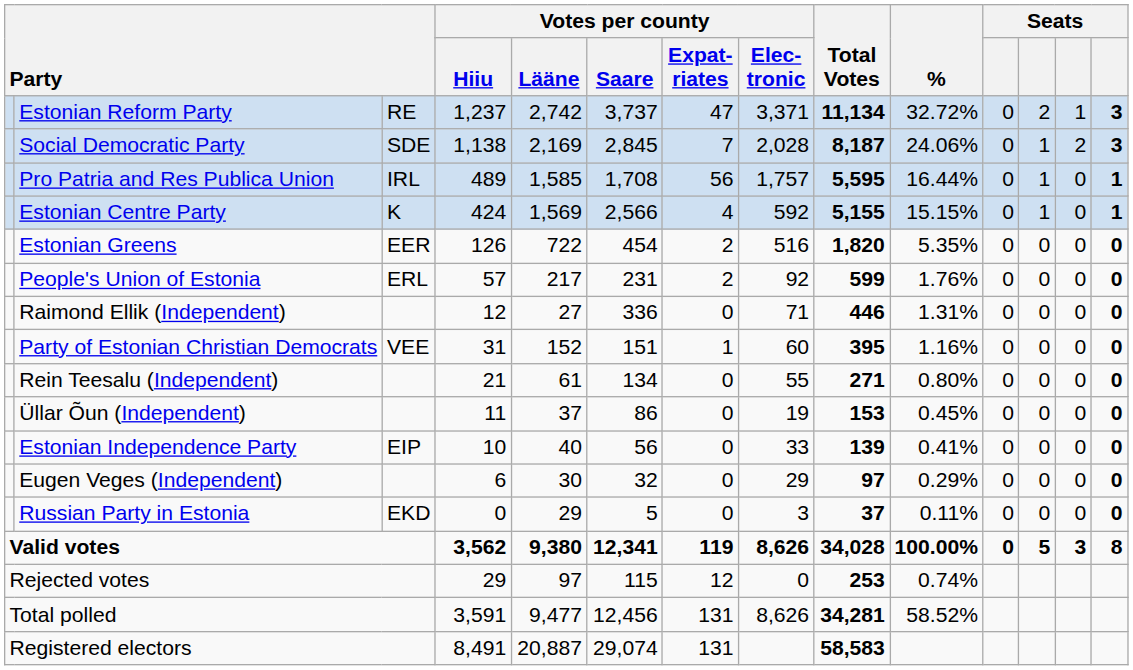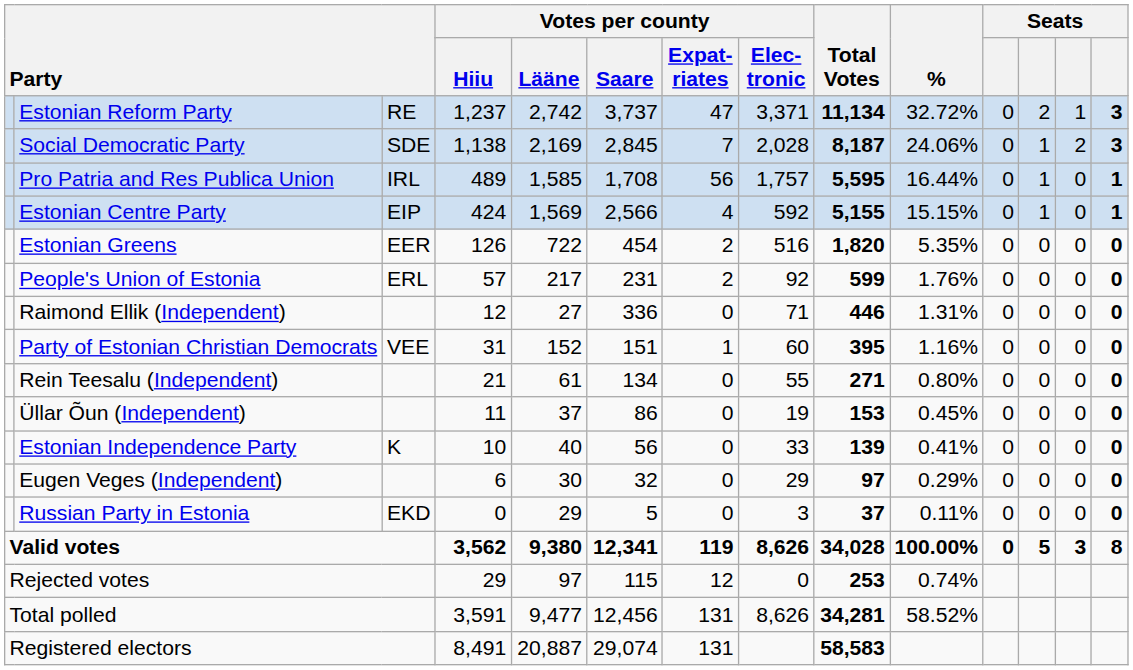 <table class="wikitable" border="1" style="text-align:right;">
 <tr>
 <th style="text-align:left;" valign=bottom rowspan=2 colspan=3>Party</th>
 <th colspan=5>Votes per county</th>
 <th align=center valign=bottom rowspan=2 width="50">Total Votes</th>
 <th align=center valign=bottom rowspan=2 width="50">%</th>
 <th colspan=4>Seats</th>
 </tr>
 <tr>
 <th align=center valign=bottom width="50"><a href='#'>Hiiu</a></th>
 <th align=center valign=bottom width="50"><a href='#'>Lääne</a></th>
 <th align=center valign=bottom width="50"><a href='#'>Saare</a></th>
 <th align=center valign=bottom width="50"><a href='#'>Expat- riates</a></th>
 <th align=center valign=bottom width="50"><a href='#'>Elec- tronic</a></th>
 <th align=center valign=bottom width="20"><small></small></th>
 <th align=center valign=bottom width="20"><small></small></th>
 <th align=center valign=bottom width="20"><small></small></th>
 <th align=center valign=bottom width="20"><small></small></th>
 </tr>
 <tr style="background:#CEE0F2;">
 <td style="background:"></td>
 <td align=left><a href='#'>Estonian Reform Party</a></td>
 <td align=left>RE</td>
 <td>1,237</td>
 <td>2,742</td>
 <td>3,737</td>
 <td>47</td>
 <td>3,371</td>
 <td><strong>11,134</strong></td>
 <td>32.72%</td>
 <td>0</td>
 <td>2</td>
 <td>1</td>
 <td><strong>3</strong></td>
 </tr>
 <tr style="background:#CEE0F2;">
 <td style="background:"></td>
 <td align=left><a href='#'>Social Democratic Party</a></td>
 <td align=left>SDE</td>
 <td>1,138</td>
 <td>2,169</td>
 <td>2,845</td>
 <td>7</td>
 <td>2,028</td>
 <td><strong>8,187</strong></td>
 <td>24.06%</td>
 <td>0</td>
 <td>1</td>
 <td>2</td>
 <td><strong>3</strong></td>
 </tr>
 <tr style="background:#CEE0F2;">
 <td style="background:"></td>
 <td align=left><a href='#'>Pro Patria and Res Publica Union</a></td>
 <td align=left>IRL</td>
 <td>489</td>
 <td>1,585</td>
 <td>1,708</td>
 <td>56</td>
 <td>1,757</td>
 <td><strong>5,595</strong></td>
 <td>16.44%</td>
 <td>0</td>
 <td>1</td>
 <td>0</td>
 <td><strong>1</strong></td>
 </tr>
 <tr style="background:#CEE0F2;">
 <td style="background:"></td>
 <td align=left><a href='#'>Estonian Centre Party</a></td>
-<td align=left>K</td>
+<td align=left>EIP</td>
 <td>424</td>
 <td>1,569</td>
 <td>2,566</td>
 <td>4</td>
 <td>592</td>
 <td><strong>5,155</strong></td>
 <td>15.15%</td>
 <td>0</td>
 <td>1</td>
 <td>0</td>
 <td><strong>1</strong></td>
 </tr>
 <tr>
 <td style="background:"></td>
 <td align=left><a href='#'>Estonian Greens</a></td>
 <td align=left>EER</td>
 <td>126</td>
 <td>722</td>
 <td>454</td>
 <td>2</td>
 <td>516</td>
 <td><strong>1,820</strong></td>
 <td>5.35%</td>
 <td>0</td>
 <td>0</td>
 <td>0</td>
 <td><strong>0</strong></td>
 </tr>
 <tr>
 <td style="background:"></td>
 <td align=left><a href='#'>People's Union of Estonia</a></td>
 <td align=left>ERL</td>
 <td>57</td>
 <td>217</td>
 <td>231</td>
 <td>2</td>
 <td>92</td>
 <td><strong>599</strong></td>
 <td>1.76%</td>
 <td>0</td>
 <td>0</td>
 <td>0</td>
 <td><strong>0</strong></td>
 </tr>
 <tr>
 <td style="background:"></td>
 <td align=left>Raimond Ellik (<a href='#'>Independent</a>)</td>
 <td></td>
 <td>12</td>
 <td>27</td>
 <td>336</td>
 <td>0</td>
 <td>71</td>
 <td><strong>446</strong></td>
 <td>1.31%</td>
 <td>0</td>
 <td>0</td>
 <td>0</td>
 <td><strong>0</strong></td>
 </tr>
 <tr>
 <td style="background:"></td>
 <td align=left><a href='#'>Party of Estonian Christian Democrats</a></td>
 <td align=left>VEE</td>
 <td>31</td>
 <td>152</td>
 <td>151</td>
 <td>1</td>
 <td>60</td>
 <td><strong>395</strong></td>
 <td>1.16%</td>
 <td>0</td>
 <td>0</td>
 <td>0</td>
 <td><strong>0</strong></td>
 </tr>
 <tr>
 <td style="background:"></td>
 <td align=left>Rein Teesalu (<a href='#'>Independent</a>)</td>
 <td></td>
 <td>21</td>
 <td>61</td>
 <td>134</td>
 <td>0</td>
 <td>55</td>
 <td><strong>271</strong></td>
 <td>0.80%</td>
 <td>0</td>
 <td>0</td>
 <td>0</td>
 <td><strong>0</strong></td>
 </tr>
 <tr>
 <td style="background:"></td>
 <td align=left>Üllar Õun (<a href='#'>Independent</a>)</td>
 <td></td>
 <td>11</td>
 <td>37</td>
 <td>86</td>
 <td>0</td>
 <td>19</td>
 <td><strong>153</strong></td>
 <td>0.45%</td>
 <td>0</td>
 <td>0</td>
 <td>0</td>
 <td><strong>0</strong></td>
 </tr>
 <tr>
 <td style="background:"></td>
 <td align=left><a href='#'>Estonian Independence Party</a></td>
-<td align=left>EIP</td>
+<td align=left>K</td>
 <td>10</td>
 <td>40</td>
 <td>56</td>
 <td>0</td>
 <td>33</td>
 <td><strong>139</strong></td>
 <td>0.41%</td>
 <td>0</td>
 <td>0</td>
 <td>0</td>
 <td><strong>0</strong></td>
 </tr>
 <tr>
 <td style="background:"></td>
 <td align=left>Eugen Veges (<a href='#'>Independent</a>)</td>
 <td></td>
 <td>6</td>
 <td>30</td>
 <td>32</td>
 <td>0</td>
 <td>29</td>
 <td><strong>97</strong></td>
 <td>0.29%</td>
 <td>0</td>
 <td>0</td>
 <td>0</td>
 <td><strong>0</strong></td>
 </tr>
 <tr>
 <td></td>
 <td align=left><a href='#'>Russian Party in Estonia</a></td>
 <td align=left>EKD</td>
 <td>0</td>
 <td>29</td>
 <td>5</td>
 <td>0</td>
 <td>3</td>
 <td><strong>37</strong></td>
 <td>0.11%</td>
 <td>0</td>
 <td>0</td>
 <td>0</td>
 <td><strong>0</strong></td>
 </tr>
 <tr style="font-weight:bold">
 <td align=left colspan=3>Valid votes</td>
 <td>3,562</td>
 <td>9,380</td>
 <td>12,341</td>
 <td>119</td>
 <td>8,626</td>
 <td>34,028</td>
 <td>100.00%</td>
 <td>0</td>
 <td>5</td>
 <td>3</td>
 <td>8</td>
 </tr>
 <tr>
 <td align=left colspan=3>Rejected votes</td>
 <td>29</td>
 <td>97</td>
 <td>115</td>
 <td>12</td>
 <td>0</td>
 <td><strong>253</strong></td>
 <td>0.74%</td>
 <td></td>
 <td></td>
 <td></td>
 <td></td>
 </tr>
 <tr>
 <td align=left colspan=3>Total polled</td>
 <td>3,591</td>
 <td>9,477</td>
 <td>12,456</td>
 <td>131</td>
 <td>8,626</td>
 <td><strong>34,281</strong></td>
 <td>58.52%</td>
 <td></td>
 <td></td>
 <td></td>
 <td></td>
 </tr>
 <tr>
 <td align=left colspan=3>Registered electors</td>
 <td>8,491</td>
 <td>20,887</td>
 <td>29,074</td>
 <td>131</td>
 <td></td>
 <td><strong>58,583</strong></td>
 <td></td>
 <td></td>
 <td></td>
 <td></td>
 <td></td>
 </tr>
 </table>
